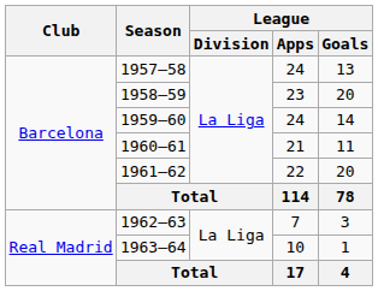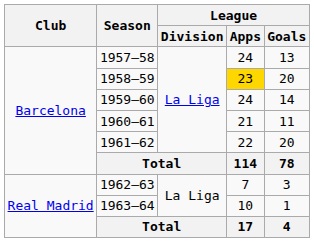 <table class="wikitable" style="text-align:center">
 <tr>
 <th rowspan="2">Club</th>
 <th rowspan="2">Season</th>
 <th colspan="3">League</th>
 </tr>
 <tr>
 <th>Division</th>
 <th>Apps</th>
 <th>Goals</th>
 </tr>
 <tr>
 <td rowspan="6"><a href='#'>Barcelona</a></td>
 <td>1957–58</td>
 <td rowspan="5"><a href='#'>La Liga</a></td>
 <td>24</td>
 <td>13</td>
 </tr>
 <tr>
 <td>1958–59</td>
-<td>23</td>
+<td style="background: gold;">23</td>
 <td>20</td>
 </tr>
 <tr>
 <td>1959–60</td>
 <td>24</td>
 <td>14</td>
 </tr>
 <tr>
 <td>1960–61</td>
 <td>21</td>
 <td>11</td>
 </tr>
 <tr>
 <td>1961–62</td>
 <td>22</td>
 <td>20</td>
 </tr>
 <tr>
 <th colspan="2">Total</th>
 <th>114</th>
 <th>78</th>
 </tr>
 <tr>
 <td rowspan="3"><a href='#'>Real Madrid</a></td>
 <td>1962–63</td>
 <td rowspan="2">La Liga</td>
 <td>7</td>
 <td>3</td>
 </tr>
 <tr>
 <td>1963–64</td>
 <td>10</td>
 <td>1</td>
 </tr>
 <tr>
 <th colspan="2">Total</th>
 <th>17</th>
 <th>4</th>
 </tr>
 </table>
